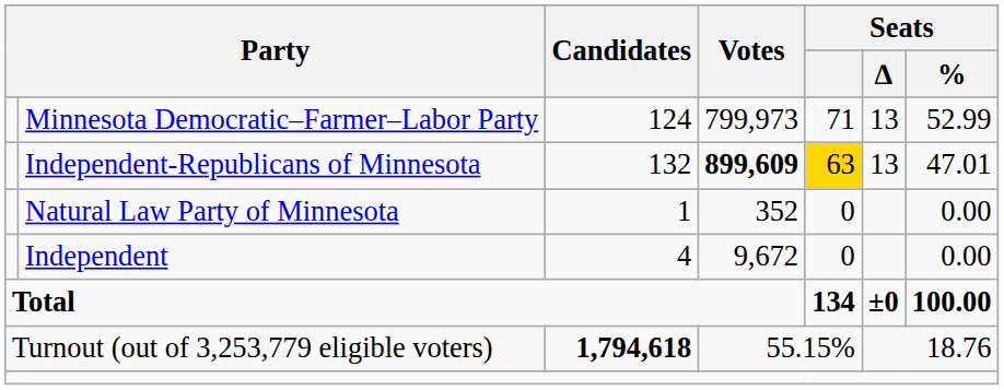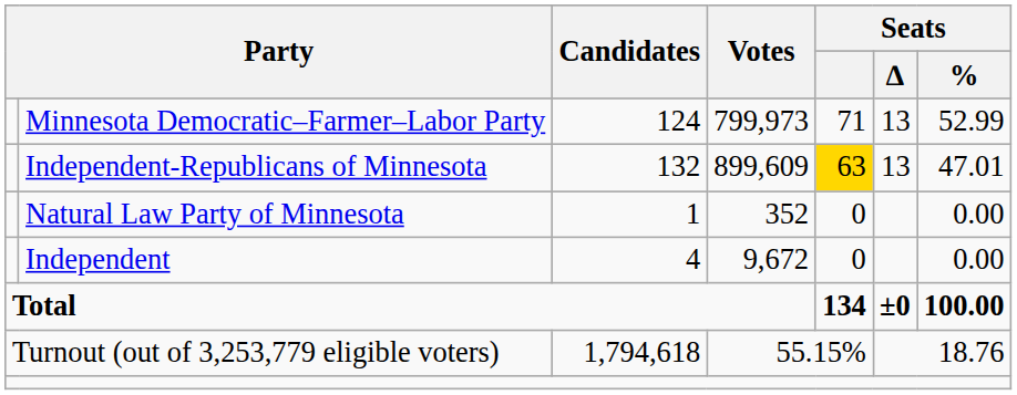 <table class="wikitable">
 <tr>
 <th rowspan="2" colspan="2">Party</th>
 <th rowspan="2">Candidates</th>
 <th rowspan="2" colspan="1">Votes</th>
 <th colspan="3">Seats</th>
 </tr>
 <tr>
 <th></th>
 <th>∆</th>
 <th>%</th>
 </tr>
 <tr>
 <td style="background-color:"></td>
 <td><a href='#'>Minnesota Democratic–Farmer–Labor Party</a></td>
 <td align="right">124</td>
 <td align="right">799,973</td>
 <td align="right">71</td>
 <td align="right">13</td>
 <td align="right">52.99</td>
 </tr>
 <tr>
 <td style="background-color:"></td>
 <td><a href='#'>Independent-Republicans of Minnesota</a></td>
 <td align="right">132</td>
-<td align="right"><strong>899,609</strong></td>
+<td align="right">899,609</td>
 <td align="right" style="background: gold;">63</td>
 <td align="right">13</td>
 <td align="right">47.01</td>
 </tr>
 <tr>
 <td style="background-color:"></td>
 <td><a href='#'>Natural Law Party of Minnesota</a></td>
 <td align="right">1</td>
 <td align="right">352</td>
 <td align="right">0</td>
 <td align="right"></td>
 <td align="right">0.00</td>
 </tr>
 <tr>
 <td style="background-color:"></td>
 <td><a href='#'>Independent</a></td>
 <td align="right">4</td>
 <td align="right">9,672</td>
 <td align="right">0</td>
 <td align="right"></td>
 <td align="right">0.00</td>
 </tr>
 <tr>
 <td colspan="4" align="left"><strong>Total</strong></td>
 <td align="right"><strong>134</strong></td>
 <td align="right"><strong>±0</strong></td>
 <td align="right"><strong>100.00</strong></td>
 </tr>
 <tr>
 <td colspan="2" align="left">Turnout (out of 3,253,779 eligible voters)</td>
-<td colspan="1" align="right"><strong>1,794,618</strong></td>
+<td colspan="1" align="right">1,794,618</td>
 <td colspan="2" align="right">55.15%</td>
 <td colspan="2" align="right">18.76 </td>
 </tr>
 <tr>
 <td colspan="7"></td>
 </tr>
 </table>
